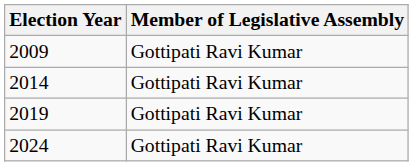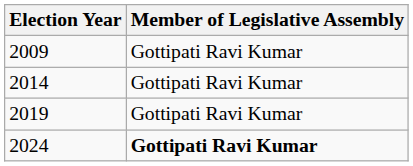 <table class="wikitable">
 <tr>
 <th>Election Year</th>
 <th>Member of Legislative Assembly</th>
 </tr>
 <tr>
 <td>2009</td>
 <td>Gottipati Ravi Kumar</td>
 </tr>
 <tr>
 <td>2014</td>
 <td>Gottipati Ravi Kumar</td>
 </tr>
 <tr>
 <td>2019</td>
 <td>Gottipati Ravi Kumar</td>
 </tr>
 <tr>
 <td>2024</td>
-<td>Gottipati Ravi Kumar</td>
+<td><strong>Gottipati Ravi Kumar</strong></td>
 </tr>
 </table>
